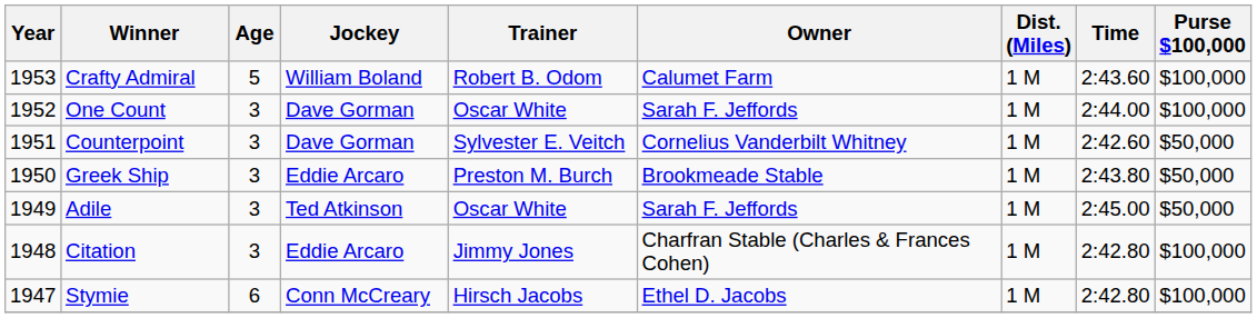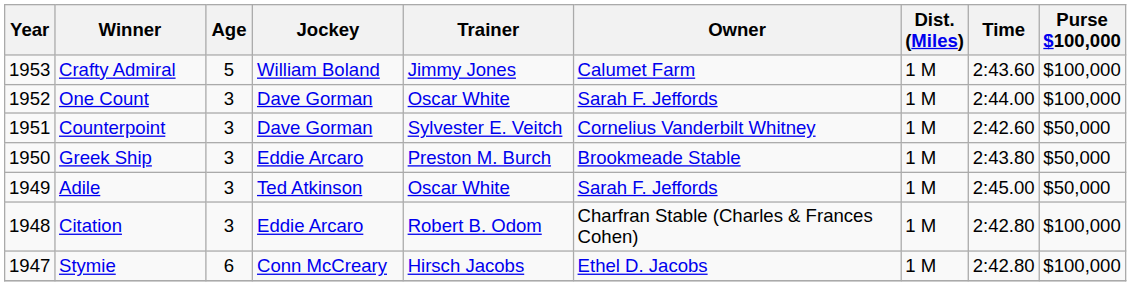 <table class="wikitable sortable" style="font-size:90%">
 <tr>
 <th style="width:30px">Year<br></th>
 <th style="width:110px">Winner<br></th>
 <th style="width:30px">Age<br></th>
 <th style="width:110px">Jockey<br></th>
 <th style="width:125px">Trainer<br></th>
 <th>Owner<br></th>
 <th style="width:25px">Dist.<br> <span>(<a href='#'>Miles</a>)</span></th>
 <th style="width:25px">Time<br></th>
 <th style="width:30px">Purse<br><a href='#'>$</a>100,000</th>
 </tr>
 <tr>
 <td align=center>1953</td>
 <td><a href='#'>Crafty Admiral</a></td>
 <td align=center>5</td>
 <td><a href='#'>William Boland</a></td>
-<td><a href='#'>Robert B. Odom</a></td>
+<td><a href='#'>Jimmy Jones</a></td>
 <td><a href='#'>Calumet Farm</a></td>
 <td>1<span> M</span></td>
 <td>2:43.60</td>
 <td>$100,000</td>
 </tr>
 <tr>
 <td align=center>1952</td>
 <td><a href='#'>One Count</a></td>
 <td align=center>3</td>
 <td><a href='#'>Dave Gorman</a></td>
 <td><a href='#'>Oscar White</a></td>
 <td><a href='#'>Sarah F. Jeffords</a></td>
 <td>1<span> M</span></td>
 <td>2:44.00</td>
 <td>$100,000</td>
 </tr>
 <tr>
 <td align=center>1951</td>
 <td><a href='#'>Counterpoint</a></td>
 <td align=center>3</td>
 <td><a href='#'>Dave Gorman</a></td>
 <td><a href='#'>Sylvester E. Veitch</a></td>
 <td><a href='#'>Cornelius Vanderbilt Whitney</a></td>
 <td>1<span> M</span></td>
 <td>2:42.60</td>
 <td>$50,000</td>
 </tr>
 <tr>
 <td align=center>1950</td>
 <td><a href='#'>Greek Ship</a></td>
 <td align=center>3</td>
 <td><a href='#'>Eddie Arcaro</a></td>
 <td><a href='#'>Preston M. Burch</a></td>
 <td><a href='#'>Brookmeade Stable</a></td>
 <td>1<span> M</span></td>
 <td>2:43.80</td>
 <td>$50,000</td>
 </tr>
 <tr>
 <td align=center>1949</td>
 <td><a href='#'>Adile</a></td>
 <td align=center>3</td>
 <td><a href='#'>Ted Atkinson</a></td>
 <td><a href='#'>Oscar White</a></td>
 <td><a href='#'>Sarah F. Jeffords</a></td>
 <td>1<span> M</span></td>
 <td>2:45.00</td>
 <td>$50,000</td>
 </tr>
 <tr>
 <td align=center>1948</td>
 <td><a href='#'>Citation</a></td>
 <td align=center>3</td>
 <td><a href='#'>Eddie Arcaro</a></td>
-<td><a href='#'>Jimmy Jones</a></td>
+<td><a href='#'>Robert B. Odom</a></td>
 <td>Charfran Stable (Charles & Frances Cohen)</td>
 <td>1<span> M</span></td>
 <td>2:42.80</td>
 <td>$100,000</td>
 </tr>
 <tr>
 <td align=center>1947</td>
 <td><a href='#'>Stymie</a></td>
 <td align=center>6</td>
 <td><a href='#'>Conn McCreary</a></td>
 <td><a href='#'>Hirsch Jacobs</a></td>
 <td><a href='#'>Ethel D. Jacobs</a></td>
 <td>1<span> M</span></td>
 <td>2:42.80</td>
 <td>$100,000</td>
 </tr>
 <tr>
 </tr>
 </table>
